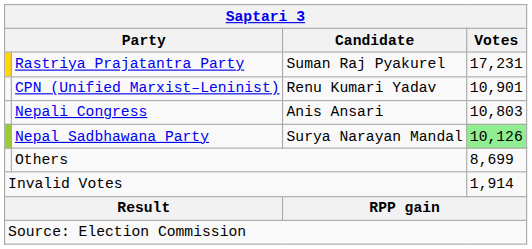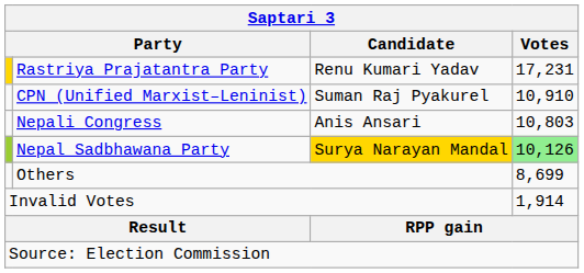 <table class="wikitable">
 <tr>
 <th colspan="4"><a href='#'>Saptari 3</a></th>
 </tr>
 <tr>
 <th colspan="2">Party</th>
 <th>Candidate</th>
 <th>Votes</th>
 </tr>
 <tr>
 <td style="background-color:gold"></td>
 <td><a href='#'>Rastriya Prajatantra Party</a></td>
-<td>Suman Raj Pyakurel</td>
+<td>Renu Kumari Yadav</td>
 <td>17,231</td>
 </tr>
 <tr>
 <td style="background-color:"></td>
 <td><a href='#'>CPN (Unified Marxist–Leninist)</a></td>
-<td>Renu Kumari Yadav</td>
-<td>10,901</td>
+<td>Suman Raj Pyakurel</td>
+<td>10,910</td>
 </tr>
 <tr>
 <td style="background-color:"></td>
 <td><a href='#'>Nepali Congress</a></td>
 <td>Anis Ansari</td>
 <td>10,803</td>
 </tr>
 <tr>
 <td style="background-color:yellowgreen"></td>
 <td><a href='#'>Nepal Sadbhawana Party</a></td>
-<td>Surya Narayan Mandal</td>
+<td style="background: gold;">Surya Narayan Mandal</td>
 <td style="background: lightgreen;">10,126</td>
 </tr>
 <tr>
 <td></td>
 <td colspan="2">Others</td>
 <td>8,699</td>
 </tr>
 <tr>
 <td colspan="3">Invalid Votes</td>
 <td>1,914</td>
 </tr>
 <tr>
 <th colspan="2">Result</th>
 <th colspan="2">RPP gain</th>
 </tr>
 <tr>
 <td colspan="4">Source: Election Commission</td>
 </tr>
 </table>
